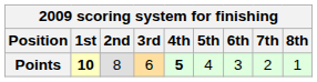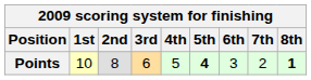 <table class="wikitable">
 <tr>
 <th colspan="14">2009 scoring system for finishing</th>
 </tr>
 <tr>
 <th>Position</th>
 <th>1st</th>
 <th>2nd</th>
 <th>3rd</th>
 <th>4th</th>
 <th>5th</th>
 <th>6th</th>
 <th>7th</th>
 <th>8th</th>
 </tr>
 <tr align="center">
 <th>Points</th>
-<td style="background:#ffffbf;"><strong>10</strong></td>
+<td style="background:#ffffbf;">10</td>
 <td style="background:#dfdfdf;">8</td>
 <td style="background:#ffdf9f;">6</td>
-<td style="background:#dfffdf;"><strong>5</strong></td>
-<td style="background:#dfffdf;">4</td>
+<td style="background:#dfffdf;">5</td>
+<td style="background:#dfffdf;"><strong>4</strong></td>
 <td style="background:#dfffdf;">3</td>
 <td style="background:#dfffdf;">2</td>
-<td style="background:#dfffdf;">1</td>
+<td style="background:#dfffdf;"><strong>1</strong></td>
 </tr>
 </table>
